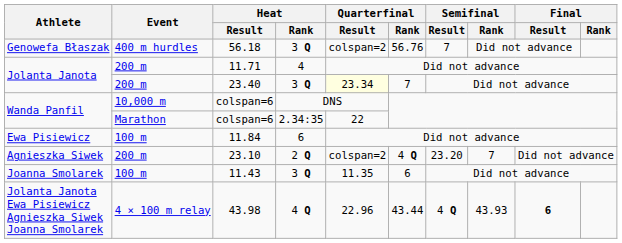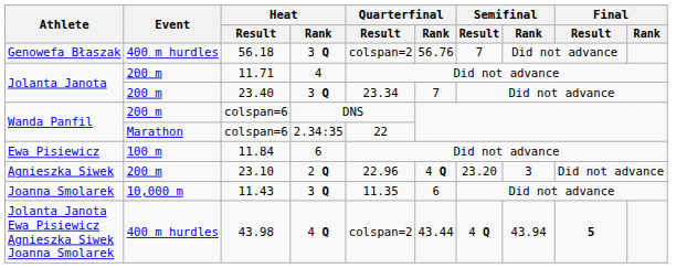 <table class="wikitable" style="font-size:90%">
 <tr>
 <th rowspan="2">Athlete</th>
 <th rowspan="2">Event</th>
 <th colspan="2">Heat</th>
 <th colspan="2">Quarterfinal</th>
 <th colspan="2">Semifinal</th>
 <th colspan="2">Final</th>
 </tr>
 <tr style="font-size:95%">
 <th>Result</th>
 <th>Rank</th>
 <th>Result</th>
 <th>Rank</th>
 <th>Result</th>
 <th>Rank</th>
 <th>Result</th>
 <th>Rank</th>
 </tr>
 <tr align=center>
 <td align=left><a href='#'>Genowefa Błaszak</a></td>
 <td align=left><a href='#'>400 m hurdles</a></td>
 <td>56.18</td>
 <td>3 <strong>Q</strong></td>
 <td>colspan=2 </td>
 <td>56.76</td>
 <td>7</td>
 <td colspan=2>Did not advance</td>
 </tr>
 <tr align=center>
 <td align=left rowspan=2><a href='#'>Jolanta Janota</a></td>
 <td align=left><a href='#'>200 m</a></td>
 <td>11.71</td>
 <td>4</td>
 <td colspan=6>Did not advance</td>
 </tr>
 <tr align=center>
 <td align=left><a href='#'>200 m</a></td>
 <td>23.40</td>
 <td>3 <strong>Q</strong></td>
-<td style="background: lightyellow;">23.34</td>
+<td>23.34</td>
 <td>7</td>
 <td colspan=4>Did not advance</td>
 </tr>
 <tr align=center>
 <td align=left rowspan=2><a href='#'>Wanda Panfil</a></td>
-<td align=left><a href='#'>10,000 m</a></td>
+<td align=left><a href='#'>200 m</a></td>
 <td>colspan=6 </td>
 <td colspan=2>DNS</td>
 </tr>
 <tr align=center>
 <td align=left><a href='#'>Marathon</a></td>
 <td>colspan=6 </td>
 <td>2.34:35</td>
 <td>22</td>
 </tr>
 <tr align=center>
 <td align=left><a href='#'>Ewa Pisiewicz</a></td>
 <td align=left><a href='#'>100 m</a></td>
 <td>11.84</td>
 <td>6</td>
 <td colspan=6>Did not advance</td>
 </tr>
 <tr align=center>
 <td align=left><a href='#'>Agnieszka Siwek</a></td>
 <td align=left><a href='#'>200 m</a></td>
 <td>23.10</td>
 <td>2 <strong>Q</strong></td>
-<td>colspan=2 </td>
+<td>22.96</td>
 <td>4 <strong>Q</strong></td>
 <td>23.20</td>
-<td>7</td>
+<td>3</td>
 <td colspan=4>Did not advance</td>
 </tr>
 <tr align=center>
 <td align=left><a href='#'>Joanna Smolarek</a></td>
-<td align=left><a href='#'>100 m</a></td>
+<td align=left><a href='#'>10,000 m</a></td>
 <td>11.43</td>
 <td>3 <strong>Q</strong></td>
 <td>11.35</td>
 <td>6</td>
 <td colspan=6>Did not advance</td>
 </tr>
 <tr align=center>
 <td align=left><a href='#'>Jolanta Janota</a><br><a href='#'>Ewa Pisiewicz</a><br><a href='#'>Agnieszka Siwek</a><br><a href='#'>Joanna Smolarek</a></td>
-<td align=left><a href='#'>4 × 100 m relay</a></td>
+<td align=left><a href='#'>400 m hurdles</a></td>
 <td>43.98</td>
 <td>4 <strong>Q</strong></td>
-<td>22.96</td>
+<td>colspan=2 </td>
 <td>43.44</td>
 <td>4 <strong>Q</strong></td>
-<td>43.93</td>
-<td><strong>6</strong></td>
+<td>43.94</td>
+<td><strong>5</strong></td>
 </tr>
 </table>
